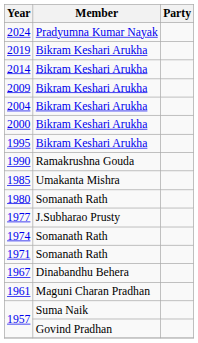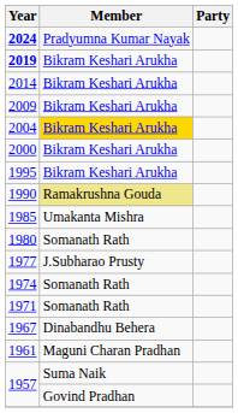 <table class="wikitable sortable">
 <tr>
 <th>Year</th>
 <th>Member</th>
 <th colspan=2>Party</th>
 </tr>
 <tr>
-<td><a href='#'>2024</a></td>
+<td><strong><a href='#'>2024</a></strong></td>
 <td><a href='#'>Pradyumna Kumar Nayak</a></td>
 <td></td>
 </tr>
 <tr>
-<td><a href='#'>2019</a></td>
+<td><strong><a href='#'>2019</a></strong></td>
 <td><a href='#'>Bikram Keshari Arukha</a></td>
 <td></td>
 </tr>
 <tr>
 <td><a href='#'>2014</a></td>
 <td><a href='#'>Bikram Keshari Arukha</a></td>
 <td></td>
 </tr>
 <tr>
 <td><a href='#'>2009</a></td>
 <td><a href='#'>Bikram Keshari Arukha</a></td>
 <td></td>
 </tr>
 <tr>
 <td><a href='#'>2004</a></td>
-<td><a href='#'>Bikram Keshari Arukha</a></td>
+<td style="background: gold;"><a href='#'>Bikram Keshari Arukha</a></td>
 <td></td>
 </tr>
 <tr>
 <td><a href='#'>2000</a></td>
 <td><a href='#'>Bikram Keshari Arukha</a></td>
 <td></td>
 </tr>
 <tr>
 <td><a href='#'>1995</a></td>
 <td><a href='#'>Bikram Keshari Arukha</a></td>
 <td></td>
 </tr>
 <tr>
 <td><a href='#'>1990</a></td>
-<td>Ramakrushna Gouda</td>
+<td style="background: khaki;">Ramakrushna Gouda</td>
 <td></td>
 </tr>
 <tr>
 <td><a href='#'>1985</a></td>
 <td>Umakanta Mishra</td>
 <td></td>
 </tr>
 <tr>
 <td><a href='#'>1980</a></td>
 <td>Somanath Rath</td>
 <td></td>
 </tr>
 <tr>
 <td><a href='#'>1977</a></td>
 <td>J.Subharao Prusty</td>
 <td></td>
 </tr>
 <tr>
 <td><a href='#'>1974</a></td>
 <td>Somanath Rath</td>
 <td></td>
 </tr>
 <tr>
 <td><a href='#'>1971</a></td>
 <td>Somanath Rath</td>
 <td></td>
 </tr>
 <tr>
 <td><a href='#'>1967</a></td>
 <td>Dinabandhu Behera</td>
 <td></td>
 </tr>
 <tr>
 <td><a href='#'>1961</a></td>
 <td>Maguni Charan Pradhan</td>
 <td></td>
 </tr>
 <tr>
 <td rowspan="2"><a href='#'>1957</a></td>
 <td>Suma Naik</td>
 <td></td>
 </tr>
 <tr>
 <td>Govind Pradhan</td>
 <td></td>
 </tr>
 <tr>
 </tr>
 </table>
